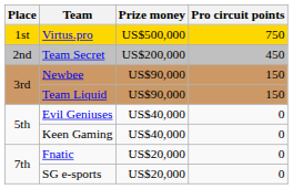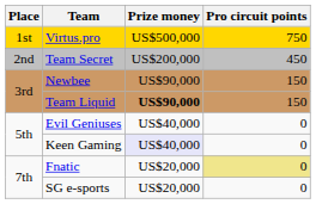 <table class="wikitable">
 <tr>
 <th>Place</th>
 <th>Team</th>
 <th>Prize money</th>
 <th>Pro circuit points</th>
 </tr>
 <tr>
 <td style="text-align:center; background:gold">1st</td>
 <td style="background:gold;"><a href='#'>Virtus.pro</a></td>
 <td style="text-align:right; background:gold">US$500,000</td>
 <td style="text-align:right; background:gold">750</td>
 </tr>
 <tr>
 <td style="text-align:center; background:silver">2nd</td>
 <td style="background:silver;"><a href='#'>Team Secret</a></td>
 <td style="text-align:right; background:silver">US$200,000</td>
 <td style="text-align:right; background:silver">450</td>
 </tr>
 <tr>
 <td rowspan="2" style="text-align:center; background:#c96">3rd</td>
 <td style="background:#c96"><a href='#'>Newbee</a></td>
 <td style="text-align:right; background:#c96">US$90,000</td>
 <td style="text-align:right; background:#c96">150</td>
 </tr>
 <tr>
 <td style="background:#c96"><a href='#'>Team Liquid</a></td>
-<td style="text-align:right; background:#c96">US$90,000</td>
+<td style="text-align:right; background:#c96"><strong>US$90,000</strong></td>
 <td style="text-align:right; background:#c96">150</td>
 </tr>
 <tr>
 <td rowspan="2" style="text-align:center">5th</td>
 <td><a href='#'>Evil Geniuses</a></td>
 <td style="text-align:right;">US$40,000</td>
 <td style="text-align:right;">0</td>
 </tr>
 <tr>
 <td>Keen Gaming</td>
-<td style="text-align:right;">US$40,000</td>
+<td style="background: lavender; text-align:right;">US$40,000</td>
 <td style="text-align:right;">0</td>
 </tr>
 <tr>
 <td rowspan="2" style="text-align:center">7th</td>
 <td><a href='#'>Fnatic</a></td>
 <td style="text-align:right;">US$20,000</td>
-<td style="text-align:right;">0</td>
+<td style="background: khaki; text-align:right;">0</td>
 </tr>
 <tr>
 <td>SG e-sports</td>
 <td style="text-align:right;">US$20,000</td>
 <td style="text-align:right;">0</td>
 </tr>
 </table>
